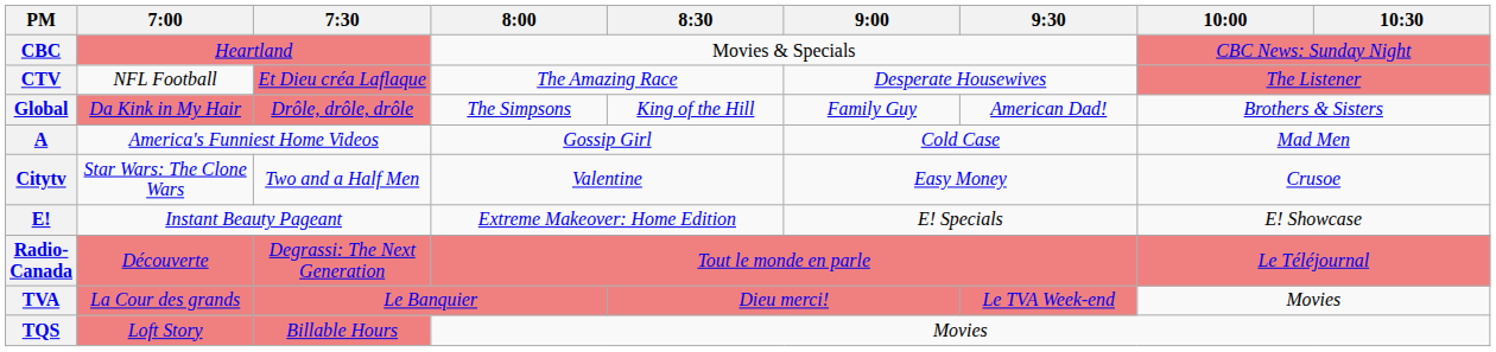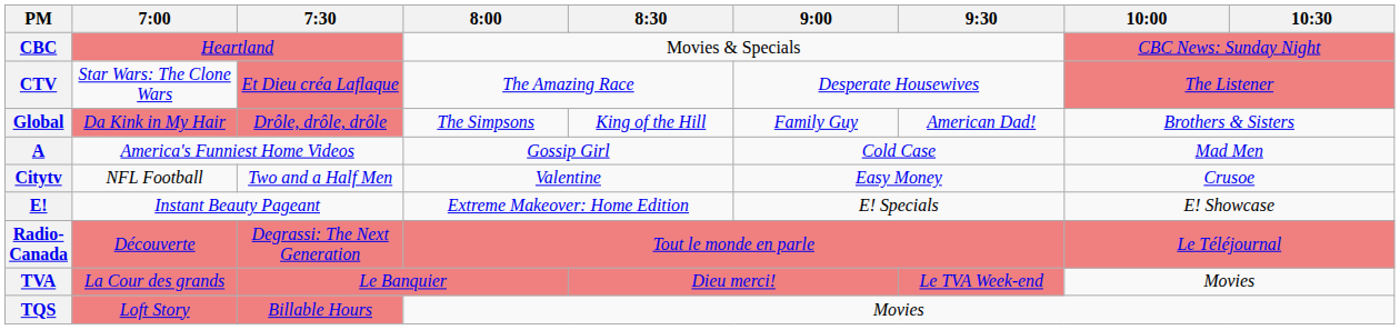 <table class="wikitable" width="100%">
 <tr>
 <th width="4%">PM</th>
 <th width="12%">7:00</th>
 <th width="12%">7:30</th>
 <th width="12%">8:00</th>
 <th width="12%">8:30</th>
 <th width="12%">9:00</th>
 <th width="12%">9:30</th>
 <th width="12%">10:00</th>
 <th width="12%">10:30</th>
 </tr>
 <tr align="center">
 <th><a href='#'>CBC</a></th>
 <td colspan="2" bgcolor="#F08080"><em><a href='#'>Heartland</a></em></td>
 <td colspan="4">Movies & Specials</td>
 <td colspan="2" bgcolor="#F08080"><em><a href='#'>CBC News: Sunday Night</a></em></td>
 </tr>
 <tr align="center">
 <th><a href='#'>CTV</a></th>
-<td colspan="1" align=center><em>NFL Football</em></td>
+<td colspan="1"><em><a href='#'>Star Wars: The Clone Wars</a></em></td>
 <td align=center bgcolor="#F08080"><em><a href='#'>Et Dieu créa Laflaque</a></em></td>
 <td colspan="2"><em><a href='#'>The Amazing Race</a></em></td>
 <td colspan="2"><em><a href='#'>Desperate Housewives</a></em></td>
 <td colspan="2" bgcolor="#F08080"><em><a href='#'>The Listener</a></em></td>
 </tr>
 <tr align="center">
 <th><a href='#'>Global</a></th>
 <td colspan="1" align=center bgcolor="#F08080"><em><a href='#'>Da Kink in My Hair</a></em></td>
 <td colspan="1" align=center bgcolor="#F08080"><em><a href='#'>Drôle, drôle, drôle</a></em></td>
 <td colspan="1" align=center><em><a href='#'>The Simpsons</a></em></td>
 <td colspan="1" align=center><em><a href='#'>King of the Hill</a></em></td>
 <td colspan="1" align=center><em><a href='#'>Family Guy</a></em></td>
 <td colspan="1" align=center><em><a href='#'>American Dad!</a></em></td>
 <td colspan="2" align=center><em><a href='#'>Brothers & Sisters</a></em></td>
 </tr>
 <tr align="center">
 <th><a href='#'>A</a></th>
 <td colspan="2"><em><a href='#'>America's Funniest Home Videos</a></em></td>
 <td colspan="2"><em><a href='#'>Gossip Girl</a></em></td>
 <td colspan="2"><em><a href='#'>Cold Case</a></em></td>
 <td colspan="2"><em><a href='#'>Mad Men</a></em></td>
 </tr>
 <tr align="center">
 <th><a href='#'>Citytv</a></th>
-<td colspan="1"><em><a href='#'>Star Wars: The Clone Wars</a></em></td>
+<td colspan="1" align=center><em>NFL Football</em></td>
 <td colspan="1" align=center><em><a href='#'>Two and a Half Men</a></em></td>
 <td colspan="2" align=center><em><a href='#'>Valentine</a></em></td>
 <td colspan="2" align=center><em><a href='#'>Easy Money</a></em></td>
 <td colspan="2" align=center><em><a href='#'>Crusoe</a></em></td>
 </tr>
 <tr align="center">
 <th><a href='#'>E!</a></th>
 <td colspan="2" align=center><em><a href='#'>Instant Beauty Pageant</a></em></td>
 <td colspan="2" align=center><em><a href='#'>Extreme Makeover: Home Edition</a></em></td>
 <td colspan="2" align=center><em>E! Specials</em></td>
 <td colspan="2" align=center><em>E! Showcase</em></td>
 </tr>
 <tr align="center">
 <th><a href='#'>Radio-Canada</a></th>
 <td align=center bgcolor="#F08080"><em><a href='#'>Découverte</a></em></td>
 <td colspan="1"  bgcolor="#F08080"><em><a href='#'>Degrassi: The Next Generation</a></em></td>
 <td colspan="4" align=center bgcolor="#F08080"><em><a href='#'>Tout le monde en parle</a></em></td>
 <td colspan="2" align=center bgcolor="#F08080"><em><a href='#'>Le Téléjournal</a></em></td>
 </tr>
 <tr align="center">
 <th><a href='#'>TVA</a></th>
 <td colspan="1" align=center bgcolor="#F08080"><em><a href='#'>La Cour des grands</a></em></td>
 <td colspan="2" align=center bgcolor="#F08080"><em><a href='#'>Le Banquier</a></em></td>
 <td colspan="2" align=center bgcolor="#F08080"><em><a href='#'>Dieu merci!</a></em></td>
 <td colspan="1" align=center bgcolor="#F08080"><em><a href='#'>Le TVA Week-end</a></em></td>
 <td colspan="2" align=center><em>Movies</em></td>
 </tr>
 <tr align="center">
 <th><a href='#'>TQS</a></th>
 <td colspan="1" align=center bgcolor="#F08080"><em><a href='#'>Loft Story</a></em></td>
 <td colspan="1" align=center bgcolor="#F08080"><em><a href='#'>Billable Hours</a></em></td>
 <td colspan="6" align=center><em>Movies</em></td>
 </tr>
 </table>
